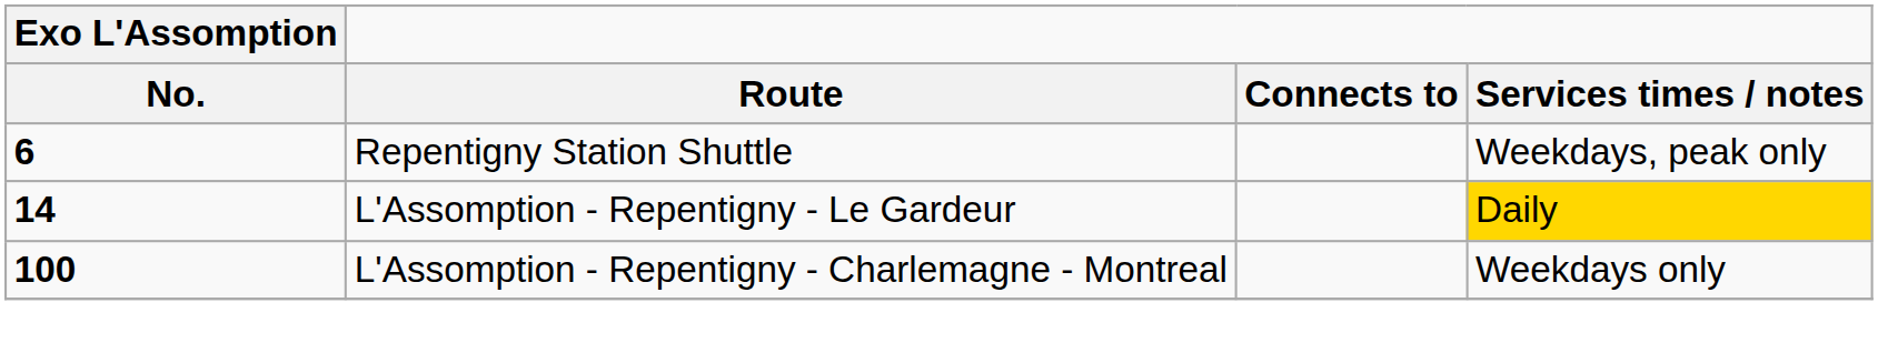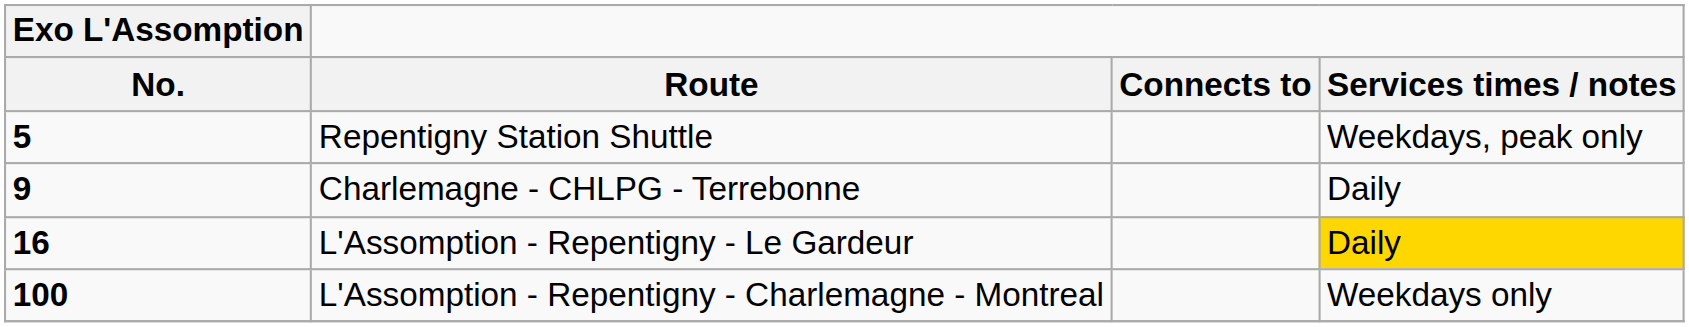 <table align=center class="wikitable">
 <tr>
 <th style="background: #">Exo L'Assomption</th>
 </tr>
 <tr>
 <th>No.</th>
 <th>Route</th>
 <th>Connects to</th>
 <th>Services times / notes</th>
 </tr>
 <tr>
-<td {{border> <strong>6</strong></td>
+<td {{border> <strong>5</strong></td>
 <td>Repentigny Station Shuttle</td>
 <td></td>
 <td>Weekdays, peak only</td>
 </tr>
 <tr>
-<td {{border> <strong>14</strong></td>
+<td {{border> <strong>9</strong></td>
+<td>Charlemagne - CHLPG - Terrebonne</td>
+<td></td>
+<td>Daily</td>
+</tr>
+<tr>
+<td {{border> <strong>16</strong></td>
 <td>L'Assomption - Repentigny - Le Gardeur</td>
 <td></td>
 <td style="background: gold;">Daily</td>
 </tr>
 <tr>
 <td {{border> <strong>100</strong></td>
 <td>L'Assomption - Repentigny - Charlemagne - Montreal</td>
 <td></td>
 <td>Weekdays only</td>
 </tr>
 <tr>
 </tr>
 </table>
